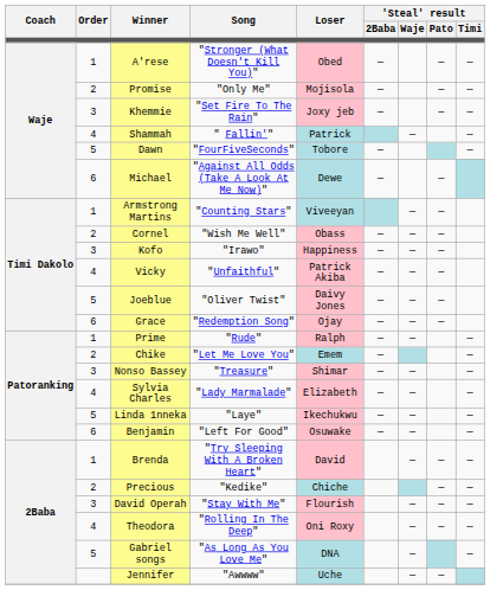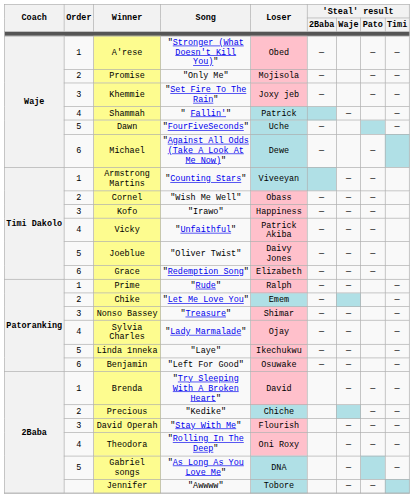 <table class="wikitable" style="text-align: center; width:100%;">
 <tr>
 <th rowspan="2" width="13%">Coach</th>
 <th rowspan="2" width="05%">Order</th>
 <th rowspan="2" width="17%">Winner</th>
 <th rowspan="2" width="21%">Song</th>
 <th rowspan="2" width="14%">Loser</th>
 <th colspan="4" width="20%">'Steal' result</th>
 </tr>
 <tr>
 <th width="05%">2Baba</th>
 <th width="05%">Waje</th>
 <th width="05%">Pato</th>
 <th width="05%">Timi</th>
 </tr>
 <tr>
 <td colspan="10" style="background:#555555;"></td>
 </tr>
 <tr>
 <th rowspan="6">Waje</th>
 <td>1</td>
 <td style="background:#fdfc8f;">A'rese</td>
 <td>"<a href='#'>Stronger (What Doesn't Kill You)</a>"</td>
 <td style="background:pink">Obed</td>
 <td>—</td>
 <td></td>
 <td>—</td>
 <td>—</td>
 </tr>
 <tr>
 <td>2</td>
 <td style="background:#fdfc8f;">Promise</td>
 <td>"Only Me"</td>
 <td style="background:pink">Mojisola</td>
 <td>—</td>
 <td></td>
 <td>—</td>
 <td>—</td>
 </tr>
 <tr>
 <td>3</td>
 <td style="background:#fdfc8f;">Khemmie</td>
 <td>"<a href='#'>Set Fire To The Rain</a>"</td>
 <td style="background:pink">Joxy jeb</td>
 <td>—</td>
 <td></td>
 <td>—</td>
 <td>—</td>
 </tr>
 <tr>
 <td>4</td>
 <td style="background:#fdfc8f;">Shammah</td>
 <td>" <a href='#'>Fallin'</a>"</td>
 <td style="background:#B0E0E6">Patrick</td>
 <td style="background:#B0E0E6;"><strong></strong></td>
 <td>—</td>
 <td></td>
 <td>—</td>
 </tr>
 <tr>
 <td>5</td>
 <td style="background:#fdfc8f;">Dawn</td>
 <td>"<a href='#'>FourFiveSeconds</a>"</td>
-<td style="background:#B0E0E6">Tobore</td>
+<td style="background:#B0E0E6">Uche</td>
 <td>—</td>
 <td></td>
 <td style="background:#B0E0E6;"><strong></strong></td>
 <td>—</td>
 </tr>
 <tr>
 <td>6</td>
 <td style="background:#fdfc8f;">Michael</td>
 <td>"<a href='#'>Against All Odds (Take A Look At Me Now)</a>"</td>
 <td style="background:#B0E0E6">Dewe</td>
 <td>—</td>
 <td></td>
 <td>—</td>
 <td style="background:#B0E0E6;"><strong></strong></td>
 </tr>
 <tr>
 <th rowspan="6">Timi Dakolo</th>
 <td>1</td>
 <td style="background:#fdfc8f;">Armstrong Martins</td>
 <td>"<a href='#'>Counting Stars</a>"</td>
 <td style="background:#B0E0E6;">Viveeyan</td>
 <td style="background:#B0E0E6;"><strong></strong></td>
 <td>—</td>
 <td>—</td>
 <td></td>
 </tr>
 <tr>
 <td>2</td>
 <td style="background:#fdfc8f;">Cornel</td>
 <td>"Wish Me Well"</td>
 <td style="background:pink">Obass</td>
 <td>—</td>
 <td>—</td>
 <td>—</td>
 <td></td>
 </tr>
 <tr>
 <td>3</td>
 <td style="background:#fdfc8f;">Kofo</td>
 <td>"Irawo"</td>
 <td style="background:pink">Happiness</td>
 <td>—</td>
 <td>—</td>
 <td>—</td>
 <td></td>
 </tr>
 <tr>
 <td>4</td>
 <td style="background:#fdfc8f;">Vicky</td>
 <td>"<a href='#'>Unfaithful</a>"</td>
 <td style="background:pink">Patrick Akiba</td>
 <td>—</td>
 <td>—</td>
 <td>—</td>
 <td></td>
 </tr>
 <tr>
 <td>5</td>
 <td style="background:#fdfc8f;">Joeblue</td>
 <td>"Oliver Twist"</td>
 <td style="background:pink">Daivy Jones</td>
 <td>—</td>
 <td>—</td>
 <td>—</td>
 <td></td>
 </tr>
 <tr>
 <td>6</td>
 <td style="background:#fdfc8f;">Grace</td>
 <td>"<a href='#'>Redemption Song</a>"</td>
-<td style="background:pink">Ojay</td>
+<td style="background:pink">Elizabeth</td>
 <td>—</td>
 <td>—</td>
 <td>—</td>
 <td></td>
 </tr>
 <tr>
 <th rowspan="6">Patoranking</th>
 <td>1</td>
 <td style="background:#fdfc8f;">Prime</td>
 <td>"<a href='#'>Rude</a>"</td>
 <td style="background:pink">Ralph</td>
 <td>—</td>
 <td>—</td>
 <td></td>
 <td>—</td>
 </tr>
 <tr>
 <td>2</td>
 <td style="background:#fdfc8f;">Chike</td>
 <td>"<a href='#'>Let Me Love You</a>"</td>
 <td style="background:#B0E0E6">Emem</td>
 <td>—</td>
 <td style="background:#B0E0E6;"><strong></strong></td>
 <td></td>
 <td>—</td>
 </tr>
 <tr>
 <td>3</td>
 <td style="background:#fdfc8f;">Nonso Bassey</td>
 <td>"<a href='#'>Treasure</a>"</td>
 <td style="background:pink">Shimar</td>
 <td>—</td>
 <td>—</td>
 <td></td>
 <td>—</td>
 </tr>
 <tr>
 <td>4</td>
 <td style="background:#fdfc8f;">Sylvia Charles</td>
 <td>"<a href='#'>Lady Marmalade</a>"</td>
-<td style="background:pink">Elizabeth</td>
+<td style="background:pink">Ojay</td>
 <td>—</td>
 <td>—</td>
 <td></td>
 <td>—</td>
 </tr>
 <tr>
 <td>5</td>
 <td style="background:#fdfc8f;">Linda 1nneka</td>
 <td>"Laye"</td>
 <td style="background:pink">Ikechukwu</td>
 <td>—</td>
 <td>—</td>
 <td></td>
 <td>—</td>
 </tr>
 <tr>
 <td>6</td>
 <td style="background:#fdfc8f;">Benjamin</td>
 <td>"Left For Good"</td>
 <td style="background:pink">Osuwake</td>
 <td>—</td>
 <td>—</td>
 <td></td>
 <td>—</td>
 </tr>
 <tr>
 <th rowspan="6">2Baba</th>
 <td>1</td>
 <td style="background:#fdfc8f;">Brenda</td>
 <td>"<a href='#'>Try Sleeping With A Broken Heart</a>"</td>
 <td style="background:pink">David</td>
 <td></td>
 <td>—</td>
 <td>—</td>
 <td>—</td>
 </tr>
 <tr>
 <td>2</td>
 <td style="background:#fdfc8f;">Precious</td>
 <td>"Kedike"</td>
 <td style="background:#B0E0E6">Chiche</td>
 <td></td>
 <td style="background:#B0E0E6;"><strong></strong></td>
 <td>—</td>
 <td>—</td>
 </tr>
 <tr>
 <td>3</td>
 <td style="background:#fdfc8f;">David Operah</td>
 <td>"<a href='#'>Stay With Me</a>"</td>
 <td style="background:pink">Flourish</td>
 <td></td>
 <td>—</td>
 <td>—</td>
 <td>—</td>
 </tr>
 <tr>
 <td>4</td>
 <td style="background:#fdfc8f;">Theodora</td>
 <td>"<a href='#'>Rolling In The Deep</a>"</td>
 <td style="background:pink">Oni Roxy</td>
 <td></td>
 <td>—</td>
 <td>—</td>
 <td>—</td>
 </tr>
 <tr>
 <td>5</td>
 <td style="background:#fdfc8f;">Gabriel songs</td>
 <td>"<a href='#'>As Long As You Love Me</a>"</td>
 <td style="background:#B0E0E6">DNA</td>
 <td></td>
 <td>—</td>
 <td style="background:#B0E0E6;"><strong></strong></td>
 <td>—</td>
 </tr>
 <tr>
 <td></td>
 <td style="background:#fdfc8f;">Jennifer</td>
 <td>"Awwww"</td>
-<td style="background:#B0E0E6">Uche</td>
+<td style="background:#B0E0E6">Tobore</td>
 <td></td>
 <td>—</td>
 <td>—</td>
 <td style="background:#B0E0E6;"><strong></strong></td>
 </tr>
 <tr>
 </tr>
 </table>
